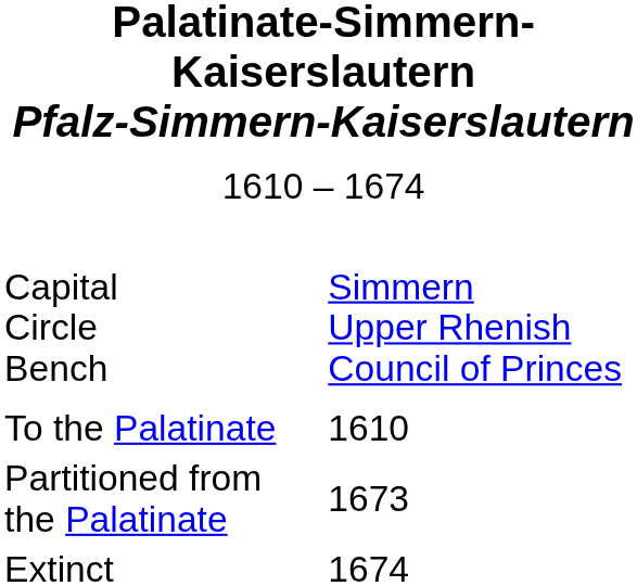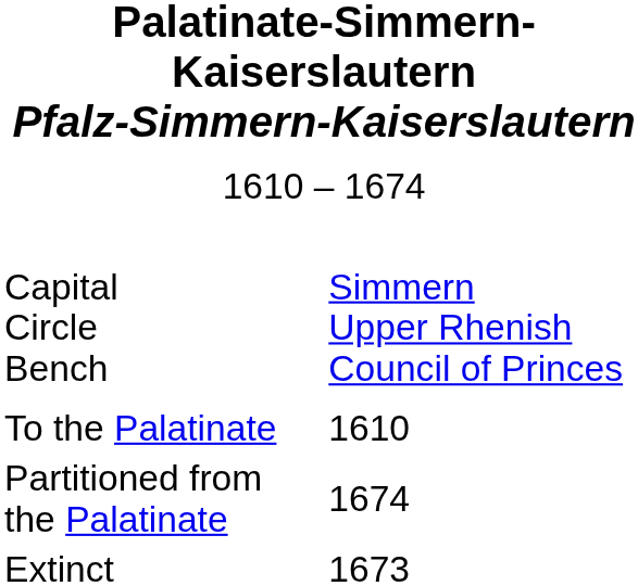 <table align="right" class="toccolours">
 <tr>
 <td colspan="2" style="text-align:center;"><big><strong>Palatinate-Simmern-Kaiserslautern<br><em>Pfalz-Simmern-Kaiserslautern<strong><em></big></td>
 </tr>
 <tr>
 <td colspan="2" style="text-align:center;"></td>
 </tr>
 <tr>
 <td colspan="2" style="text-align:center;"></strong>1610 – 1674<strong></td>
 </tr>
 <tr>
 <td><br></td>
 </tr>
 <tr>
 <td style="width:138px;"></strong>Capital<br>Circle<br>Bench<strong></td>
 <td style="width:138px;"><a href='#'>Simmern</a><br><a href='#'>Upper Rhenish</a><br><a href='#'>Council of Princes</a></td>
 </tr>
 <tr>
 <td colspan="2" style="text-align:center;"></td>
 </tr>
 <tr>
 <td>To the <a href='#'>Palatinate</a></td>
 <td>1610</td>
 </tr>
 <tr>
 <td>Partitioned from the <a href='#'>Palatinate</a></td>
-<td>1673</td>
+<td>1674</td>
 </tr>
 <tr>
 <td>Extinct</td>
-<td>1674</td>
+<td>1673</td>
 </tr>
 </table>
